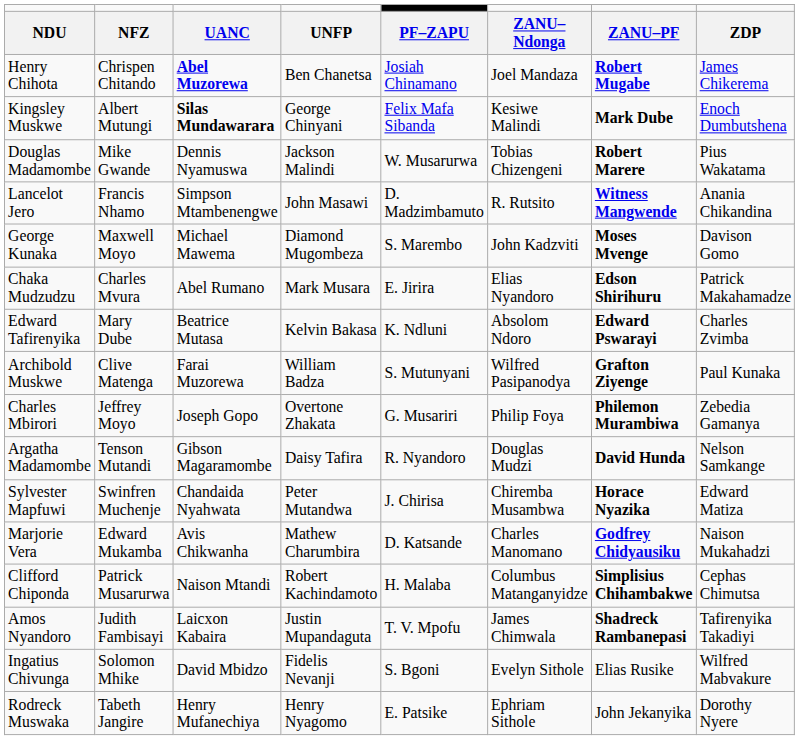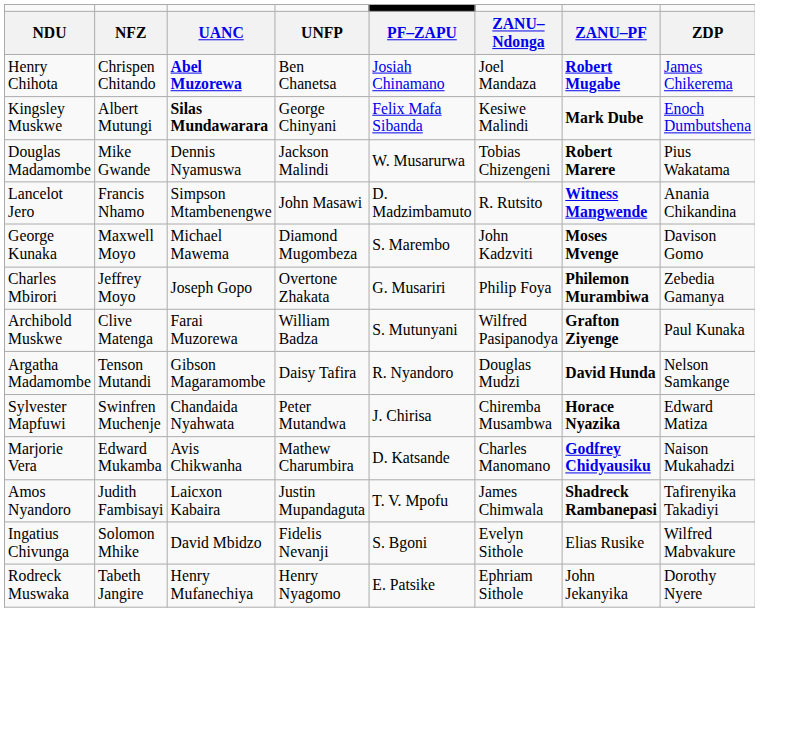 <table class="wikitable">
 <tr>
 <td></td>
 <td></td>
 <td style="background-color: "></td>
 <td style="background-color: "></td>
 <td style="background-color:#000000"></td>
 <td></td>
 <td style="background-color: "></td>
 <td></td>
 </tr>
 <tr>
 <th>NDU</th>
 <th>NFZ</th>
 <th><a href='#'>UANC</a></th>
 <th>UNFP</th>
 <th><a href='#'>PF–ZAPU</a></th>
 <th><a href='#'>ZANU–Ndonga</a></th>
 <th><a href='#'>ZANU–PF</a></th>
 <th>ZDP</th>
 </tr>
 <tr>
 <td>Henry Chihota</td>
 <td>Chrispen Chitando</td>
 <td><strong><a href='#'>Abel Muzorewa</a></strong></td>
 <td>Ben Chanetsa</td>
 <td><a href='#'>Josiah Chinamano</a></td>
 <td>Joel Mandaza</td>
 <td><strong><a href='#'>Robert Mugabe</a></strong></td>
 <td><a href='#'>James Chikerema</a></td>
 </tr>
 <tr>
 <td>Kingsley Muskwe</td>
 <td>Albert Mutungi</td>
 <td><strong>Silas Mundawarara</strong></td>
 <td>George Chinyani</td>
 <td><a href='#'>Felix Mafa Sibanda</a></td>
 <td>Kesiwe Malindi</td>
 <td><strong>Mark Dube</strong></td>
 <td><a href='#'>Enoch Dumbutshena</a></td>
 </tr>
 <tr>
 <td>Douglas Madamombe</td>
 <td>Mike Gwande</td>
 <td>Dennis Nyamuswa</td>
 <td>Jackson Malindi</td>
 <td>W. Musarurwa</td>
 <td>Tobias Chizengeni</td>
 <td><strong>Robert Marere</strong></td>
 <td>Pius Wakatama</td>
 </tr>
 <tr>
 <td>Lancelot Jero</td>
 <td>Francis Nhamo</td>
 <td>Simpson Mtambenengwe</td>
 <td>John Masawi</td>
 <td>D. Madzimbamuto</td>
 <td>R. Rutsito</td>
 <td><strong><a href='#'>Witness Mangwende</a></strong></td>
 <td>Anania Chikandina</td>
 </tr>
 <tr>
 <td>George Kunaka</td>
 <td>Maxwell Moyo</td>
 <td>Michael Mawema</td>
 <td>Diamond Mugombeza</td>
 <td>S. Marembo</td>
 <td>John Kadzviti</td>
 <td><strong>Moses Mvenge</strong></td>
 <td>Davison Gomo</td>
 </tr>
 <tr>
-<td>Chaka Mudzudzu</td>
-<td>Charles Mvura</td>
-<td>Abel Rumano</td>
-<td>Mark Musara</td>
-<td>E. Jirira</td>
-<td>Elias Nyandoro</td>
-<td><strong>Edson Shirihuru</strong></td>
-<td>Patrick Makahamadze</td>
-</tr>
-<tr>
-<td>Edward Tafirenyika</td>
-<td>Mary Dube</td>
-<td>Beatrice Mutasa</td>
-<td>Kelvin Bakasa</td>
-<td>K. Ndluni</td>
-<td>Absolom Ndoro</td>
-<td><strong>Edward Pswarayi</strong></td>
-<td>Charles Zvimba</td>
+<td>Charles Mbirori</td>
+<td>Jeffrey Moyo</td>
+<td>Joseph Gopo</td>
+<td>Overtone Zhakata</td>
+<td>G. Musariri</td>
+<td>Philip Foya</td>
+<td><strong>Philemon Murambiwa</strong></td>
+<td>Zebedia Gamanya</td>
 </tr>
 <tr>
 <td>Archibold Muskwe</td>
 <td>Clive Matenga</td>
 <td>Farai Muzorewa</td>
 <td>William Badza</td>
 <td>S. Mutunyani</td>
 <td>Wilfred Pasipanodya</td>
 <td><strong>Grafton Ziyenge</strong></td>
 <td>Paul Kunaka</td>
-</tr>
-<tr>
-<td>Charles Mbirori</td>
-<td>Jeffrey Moyo</td>
-<td>Joseph Gopo</td>
-<td>Overtone Zhakata</td>
-<td>G. Musariri</td>
-<td>Philip Foya</td>
-<td><strong>Philemon Murambiwa</strong></td>
-<td>Zebedia Gamanya</td>
 </tr>
 <tr>
 <td>Argatha Madamombe</td>
 <td>Tenson Mutandi</td>
 <td>Gibson Magaramombe</td>
 <td>Daisy Tafira</td>
 <td>R. Nyandoro</td>
 <td>Douglas Mudzi</td>
 <td><strong>David Hunda</strong></td>
 <td>Nelson Samkange</td>
 </tr>
 <tr>
 <td>Sylvester Mapfuwi</td>
 <td>Swinfren Muchenje</td>
 <td>Chandaida Nyahwata</td>
 <td>Peter Mutandwa</td>
 <td>J. Chirisa</td>
 <td>Chiremba Musambwa</td>
 <td><strong>Horace Nyazika</strong></td>
 <td>Edward Matiza</td>
 </tr>
 <tr>
 <td>Marjorie Vera</td>
 <td>Edward Mukamba</td>
 <td>Avis Chikwanha</td>
 <td>Mathew Charumbira</td>
 <td>D. Katsande</td>
 <td>Charles Manomano</td>
 <td><strong><a href='#'>Godfrey Chidyausiku</a></strong></td>
 <td>Naison Mukahadzi</td>
 </tr>
 <tr>
-<td>Clifford Chiponda</td>
-<td>Patrick Musarurwa</td>
-<td>Naison Mtandi</td>
-<td>Robert Kachindamoto</td>
-<td>H. Malaba</td>
-<td>Columbus Matanganyidze</td>
-<td><strong>Simplisius Chihambakwe</strong></td>
-<td>Cephas Chimutsa</td>
-</tr>
-<tr>
 <td>Amos Nyandoro</td>
 <td>Judith Fambisayi</td>
 <td>Laicxon Kabaira</td>
 <td>Justin Mupandaguta</td>
 <td>T. V. Mpofu</td>
 <td>James Chimwala</td>
 <td><strong>Shadreck Rambanepasi</strong></td>
 <td>Tafirenyika Takadiyi</td>
 </tr>
 <tr>
 <td>Ingatius Chivunga</td>
 <td>Solomon Mhike</td>
 <td>David Mbidzo</td>
 <td>Fidelis Nevanji</td>
 <td>S. Bgoni</td>
 <td>Evelyn Sithole</td>
 <td>Elias Rusike</td>
 <td>Wilfred Mabvakure</td>
 </tr>
 <tr>
 <td>Rodreck Muswaka</td>
 <td>Tabeth Jangire</td>
 <td>Henry Mufanechiya</td>
 <td>Henry Nyagomo</td>
 <td>E. Patsike</td>
 <td>Ephriam Sithole</td>
 <td>John Jekanyika</td>
 <td>Dorothy Nyere</td>
 </tr>
 </table>
